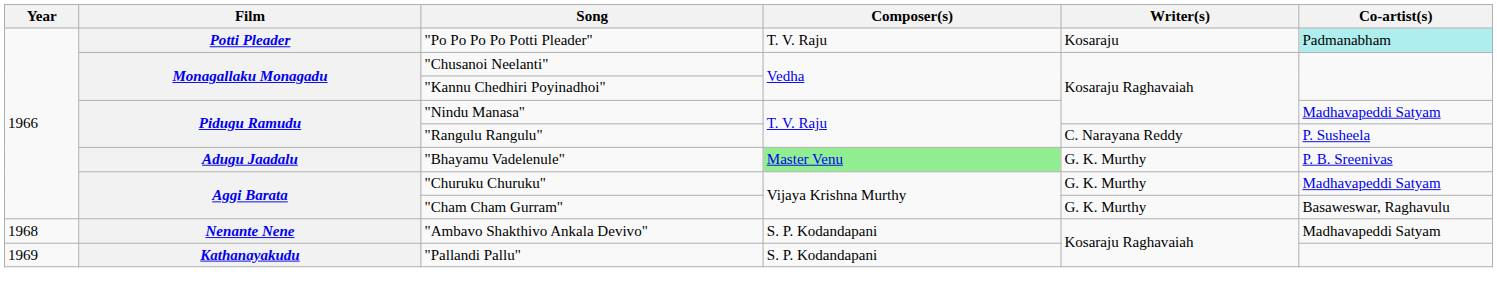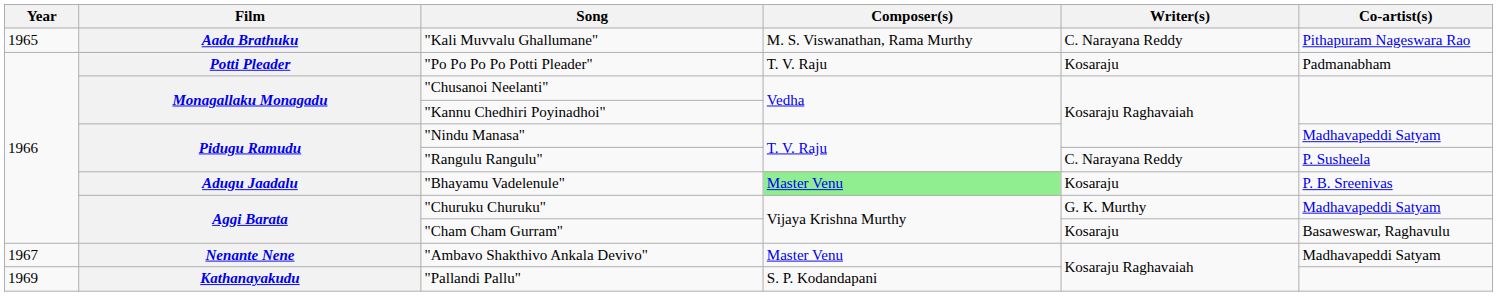 <table class="wikitable plainrowheaders" width="100%" textcolor:#000;">
 <tr style="background:#b0e0e66;">
 <th scope="col" width=5%><strong>Year</strong></th>
 <th scope="col" width=23%><strong>Film</strong></th>
 <th scope="col" width=23%><strong>Song</strong></th>
 <th scope="col" width=20%><strong>Composer(s)</strong></th>
 <th scope="col" width=16%><strong>Writer(s)</strong></th>
 <th scope="col" width=18%><strong>Co-artist(s)</strong></th>
 </tr>
 <tr>
+<td>1965</td>
+<th><em><a href='#'>Aada Brathuku</a></em></th>
+<td>"Kali Muvvalu Ghallumane"</td>
+<td>M. S. Viswanathan, Rama Murthy</td>
+<td>C. Narayana Reddy</td>
+<td><a href='#'>Pithapuram Nageswara Rao</a></td>
+</tr>
+<tr>
 <td rowspan=8>1966</td>
 <th><em><a href='#'>Potti Pleader</a></em></th>
 <td>"Po Po Po Po Potti Pleader"</td>
 <td>T. V. Raju</td>
 <td>Kosaraju</td>
-<td style="background: paleturquoise;">Padmanabham</td>
+<td>Padmanabham</td>
 </tr>
 <tr>
 <th rowspan=2><em><a href='#'>Monagallaku Monagadu</a></em></th>
 <td>"Chusanoi Neelanti"</td>
 <td rowspan=2><a href='#'>Vedha</a></td>
 <td rowspan=3>Kosaraju Raghavaiah</td>
 </tr>
 <tr>
 <td>"Kannu Chedhiri Poyinadhoi"</td>
 </tr>
 <tr>
 <th Rowspan=2><em><a href='#'>Pidugu Ramudu</a></em></th>
 <td>"Nindu Manasa"</td>
 <td rowspan=2><a href='#'>T. V. Raju</a></td>
 <td><a href='#'>Madhavapeddi Satyam</a></td>
 </tr>
 <tr>
 <td>"Rangulu Rangulu"</td>
 <td>C. Narayana Reddy</td>
 <td><a href='#'>P. Susheela</a></td>
 </tr>
 <tr>
 <th><em><a href='#'>Adugu Jaadalu</a></em></th>
 <td>"Bhayamu Vadelenule"</td>
 <td style="background: lightgreen;"><a href='#'>Master Venu</a></td>
-<td>G. K. Murthy</td>
+<td>Kosaraju</td>
 <td><a href='#'>P. B. Sreenivas</a></td>
 </tr>
 <tr>
 <th rowspan="2"><em><a href='#'>Aggi Barata</a></em></th>
 <td>"Churuku Churuku"</td>
 <td rowspan="2">Vijaya Krishna Murthy</td>
 <td>G. K. Murthy</td>
 <td><a href='#'>Madhavapeddi Satyam</a></td>
 </tr>
 <tr>
 <td>"Cham Cham Gurram"</td>
-<td>G. K. Murthy</td>
+<td>Kosaraju</td>
 <td>Basaweswar, Raghavulu</td>
 </tr>
 <tr>
-<td>1968</td>
+<td>1967</td>
 <th><em><a href='#'>Nenante Nene</a></em></th>
 <td>"Ambavo Shakthivo Ankala Devivo"</td>
-<td>S. P. Kodandapani</td>
+<td><a href='#'>Master Venu</a></td>
 <td rowspan=2>Kosaraju Raghavaiah</td>
 <td>Madhavapeddi Satyam</td>
 </tr>
 <tr>
 <td>1969</td>
 <th><em><a href='#'>Kathanayakudu</a></em></th>
 <td>"Pallandi Pallu"</td>
 <td>S. P. Kodandapani</td>
 <td></td>
 </tr>
 </table>
